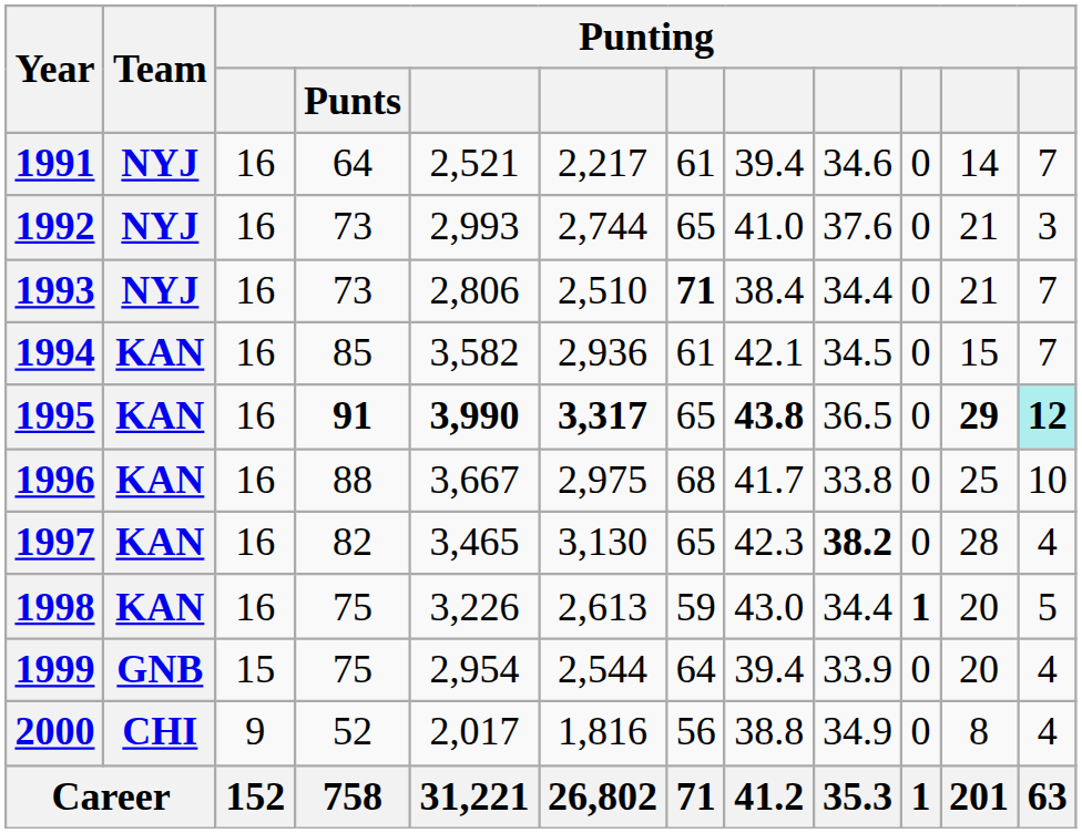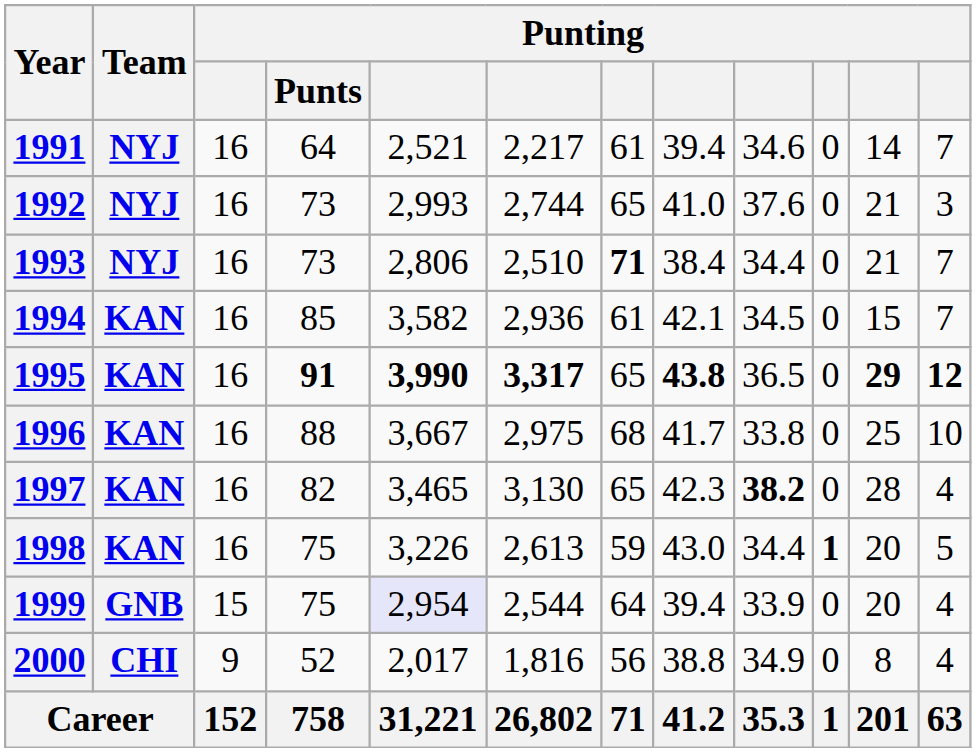 <table class=wikitable style="text-align:center;">
 <tr>
 <th rowspan="2">Year</th>
 <th rowspan="2">Team</th>
 <th colspan="10">Punting</th>
 </tr>
 <tr>
 <th></th>
 <th>Punts</th>
 <th></th>
 <th></th>
 <th></th>
 <th></th>
 <th></th>
 <th></th>
 <th></th>
 <th></th>
 </tr>
 <tr>
 <th><a href='#'>1991</a></th>
 <th><a href='#'>NYJ</a></th>
 <td>16</td>
 <td>64</td>
 <td>2,521</td>
 <td>2,217</td>
 <td>61</td>
 <td>39.4</td>
 <td>34.6</td>
 <td>0</td>
 <td>14</td>
 <td>7</td>
 </tr>
 <tr>
 <th><a href='#'>1992</a></th>
 <th><a href='#'>NYJ</a></th>
 <td>16</td>
 <td>73</td>
 <td>2,993</td>
 <td>2,744</td>
 <td>65</td>
 <td>41.0</td>
 <td>37.6</td>
 <td>0</td>
 <td>21</td>
 <td>3</td>
 </tr>
 <tr>
 <th><a href='#'>1993</a></th>
 <th><a href='#'>NYJ</a></th>
 <td>16</td>
 <td>73</td>
 <td>2,806</td>
 <td>2,510</td>
 <td><strong>71</strong></td>
 <td>38.4</td>
 <td>34.4</td>
 <td>0</td>
 <td>21</td>
 <td>7</td>
 </tr>
 <tr>
 <th><a href='#'>1994</a></th>
 <th><a href='#'>KAN</a></th>
 <td>16</td>
 <td>85</td>
 <td>3,582</td>
 <td>2,936</td>
 <td>61</td>
 <td>42.1</td>
 <td>34.5</td>
 <td>0</td>
 <td>15</td>
 <td>7</td>
 </tr>
 <tr>
 <th><a href='#'>1995</a></th>
 <th><a href='#'>KAN</a></th>
 <td>16</td>
 <td><strong>91</strong></td>
 <td><strong>3,990</strong></td>
 <td><strong>3,317</strong></td>
 <td>65</td>
 <td><strong>43.8</strong></td>
 <td>36.5</td>
 <td>0</td>
 <td><strong>29</strong></td>
-<td style="background: paleturquoise;"><strong>12</strong></td>
+<td><strong>12</strong></td>
 </tr>
 <tr>
 <th><a href='#'>1996</a></th>
 <th><a href='#'>KAN</a></th>
 <td>16</td>
 <td>88</td>
 <td>3,667</td>
 <td>2,975</td>
 <td>68</td>
 <td>41.7</td>
 <td>33.8</td>
 <td>0</td>
 <td>25</td>
 <td>10</td>
 </tr>
 <tr>
 <th><a href='#'>1997</a></th>
 <th><a href='#'>KAN</a></th>
 <td>16</td>
 <td>82</td>
 <td>3,465</td>
 <td>3,130</td>
 <td>65</td>
 <td>42.3</td>
 <td><strong>38.2</strong></td>
 <td>0</td>
 <td>28</td>
 <td>4</td>
 </tr>
 <tr>
 <th><a href='#'>1998</a></th>
 <th><a href='#'>KAN</a></th>
 <td>16</td>
 <td>75</td>
 <td>3,226</td>
 <td>2,613</td>
 <td>59</td>
 <td>43.0</td>
 <td>34.4</td>
 <td><strong>1</strong></td>
 <td>20</td>
 <td>5</td>
 </tr>
 <tr>
 <th><a href='#'>1999</a></th>
 <th><a href='#'>GNB</a></th>
 <td>15</td>
 <td>75</td>
-<td>2,954</td>
+<td style="background: lavender;">2,954</td>
 <td>2,544</td>
 <td>64</td>
 <td>39.4</td>
 <td>33.9</td>
 <td>0</td>
 <td>20</td>
 <td>4</td>
 </tr>
 <tr>
 <th><a href='#'>2000</a></th>
 <th><a href='#'>CHI</a></th>
 <td>9</td>
 <td>52</td>
 <td>2,017</td>
 <td>1,816</td>
 <td>56</td>
 <td>38.8</td>
 <td>34.9</td>
 <td>0</td>
 <td>8</td>
 <td>4</td>
 </tr>
 <tr>
 <th colspan="2">Career</th>
 <th>152</th>
 <th>758</th>
 <th>31,221</th>
 <th>26,802</th>
 <th>71</th>
 <th>41.2</th>
 <th>35.3</th>
 <th>1</th>
 <th>201</th>
 <th>63</th>
 </tr>
 </table>
